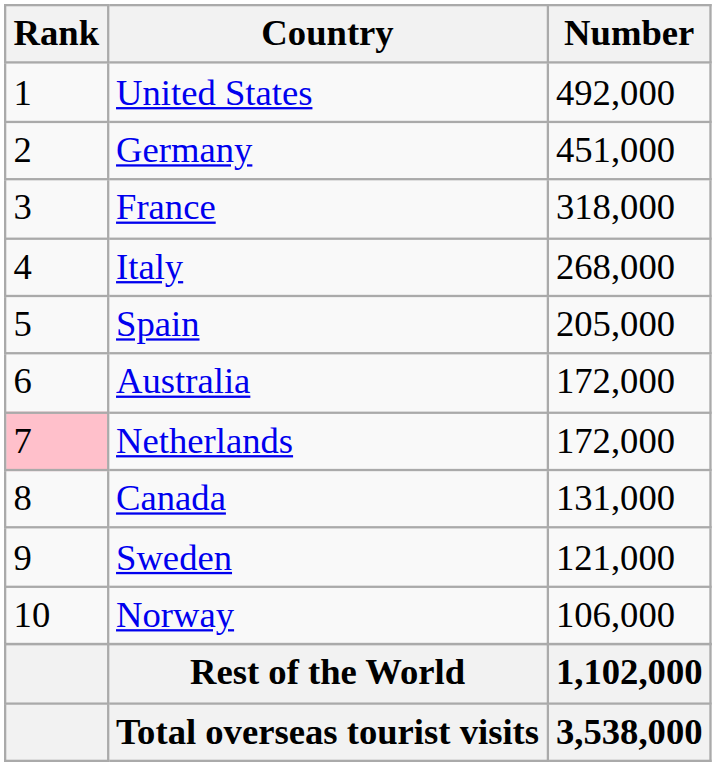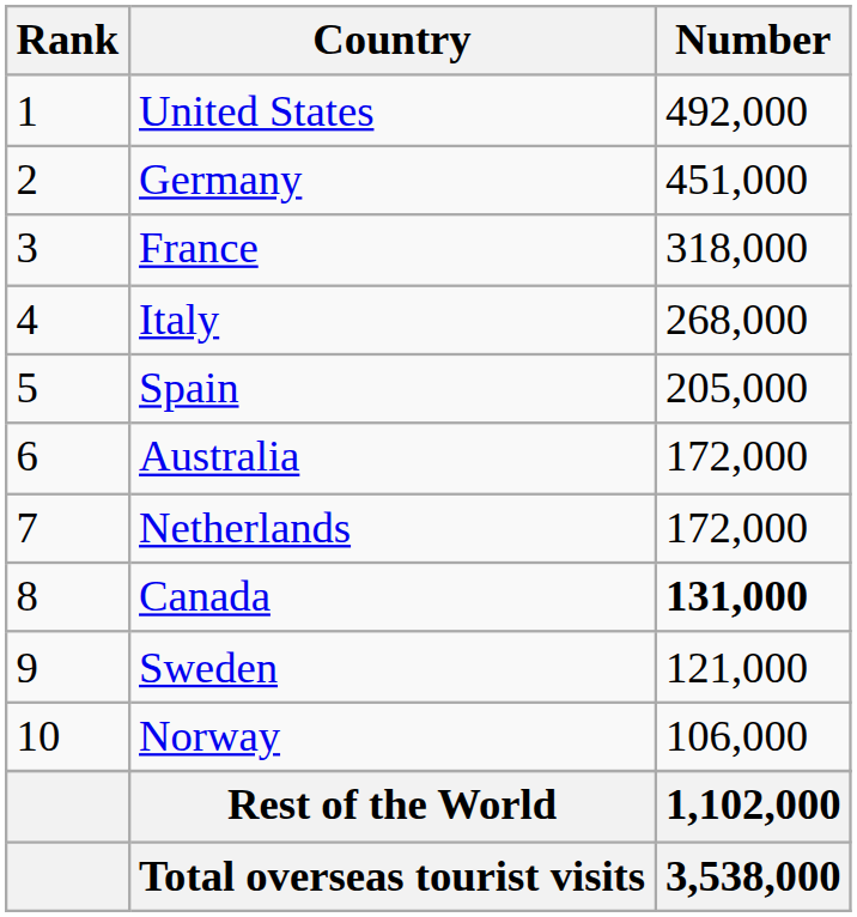 <table class="wikitable">
 <tr>
 <th>Rank</th>
 <th>Country</th>
 <th>Number</th>
 </tr>
 <tr>
 <td>1</td>
 <td> <a href='#'>United States</a></td>
 <td>492,000</td>
 </tr>
 <tr>
 <td>2</td>
 <td> <a href='#'>Germany</a></td>
 <td>451,000</td>
 </tr>
 <tr>
 <td>3</td>
 <td> <a href='#'>France</a></td>
 <td>318,000</td>
 </tr>
 <tr>
 <td>4</td>
 <td> <a href='#'>Italy</a></td>
 <td>268,000</td>
 </tr>
 <tr>
 <td>5</td>
 <td> <a href='#'>Spain</a></td>
 <td>205,000</td>
 </tr>
 <tr>
 <td>6</td>
 <td> <a href='#'>Australia</a></td>
 <td>172,000</td>
 </tr>
 <tr>
-<td style="background: pink;">7</td>
+<td>7</td>
 <td> <a href='#'>Netherlands</a></td>
 <td>172,000</td>
 </tr>
 <tr>
 <td>8</td>
 <td> <a href='#'>Canada</a></td>
-<td>131,000</td>
+<td><strong>131,000</strong></td>
 </tr>
 <tr>
 <td>9</td>
 <td> <a href='#'>Sweden</a></td>
 <td>121,000</td>
 </tr>
 <tr>
 <td>10</td>
 <td> <a href='#'>Norway</a></td>
 <td>106,000</td>
 </tr>
 <tr>
 </tr>
 <tr>
 <th></th>
 <th>Rest of the World</th>
 <th>1,102,000</th>
 </tr>
 <tr>
 <th></th>
 <th>Total overseas tourist visits</th>
 <th>3,538,000</th>
 </tr>
 </table>
